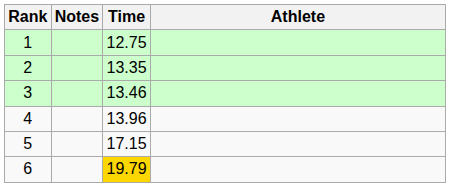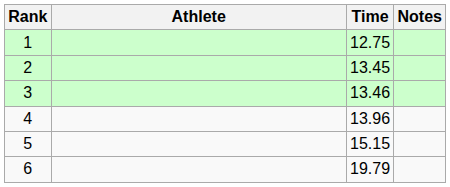 <table class="wikitable" style="text-align:center">
 <tr>
 <th>Rank</th>
+<th Style="width:18em">Athlete</th>
+<th>Time</th>
 <th>Notes</th>
-<th>Time</th>
-<th Style="width:18em">Athlete</th>
 </tr>
 <tr style="background:#cfc">
 <td>1</td>
+<td style="text-align:left"></td>
+<td>12.75</td>
 <td></td>
-<td>12.75</td>
-<td style="text-align:left"></td>
 </tr>
 <tr style="background:#cfc">
 <td>2</td>
+<td style="text-align:left"></td>
+<td>13.45</td>
 <td></td>
-<td>13.35</td>
-<td style="text-align:left"></td>
 </tr>
 <tr style="background:#cfc">
 <td>3</td>
+<td style="text-align:left"></td>
+<td>13.46</td>
 <td></td>
-<td>13.46</td>
-<td style="text-align:left"></td>
 </tr>
 <tr style="backgounr:#cfc">
 <td>4</td>
+<td style="text-align:left"></td>
+<td>13.96</td>
 <td></td>
-<td>13.96</td>
-<td style="text-align:left"></td>
 </tr>
 <tr>
 <td>5</td>
+<td style="text-align:left"></td>
+<td>15.15</td>
 <td></td>
-<td>17.15</td>
-<td style="text-align:left"></td>
 </tr>
 <tr>
 <td>6</td>
+<td style="text-align:left"></td>
+<td>19.79</td>
 <td></td>
-<td style="background: gold;">19.79</td>
-<td style="text-align:left"></td>
 </tr>
 </table>
